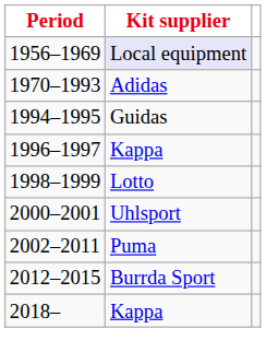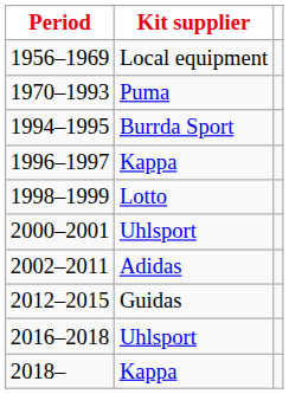 <table class="wikitable">
 <tr>
 <th style="background:#FFFFFF; color:#E70013; ">Period</th>
 <th style="background:#FFFFFF; color:#E70013; ">Kit supplier</th>
 <th style="background:#FFFFFF; color:#E70013; "></th>
 </tr>
 <tr>
 <td>1956–1969</td>
-<td style="background: lavender;">Local equipment</td>
+<td>Local equipment</td>
 <td></td>
 </tr>
 <tr>
 <td>1970–1993</td>
-<td> <a href='#'>Adidas</a></td>
+<td> <a href='#'>Puma</a></td>
 <td></td>
 </tr>
 <tr>
 <td>1994–1995</td>
-<td> Guidas</td>
+<td> <a href='#'>Burrda Sport</a></td>
 <td></td>
 </tr>
 <tr>
 <td>1996–1997</td>
 <td> <a href='#'>Kappa</a></td>
 <td></td>
 </tr>
 <tr>
 <td>1998–1999</td>
 <td> <a href='#'>Lotto</a></td>
 <td></td>
 </tr>
 <tr>
 <td>2000–2001</td>
 <td> <a href='#'>Uhlsport</a></td>
 <td></td>
 </tr>
 <tr>
 <td>2002–2011</td>
-<td> <a href='#'>Puma</a></td>
+<td> <a href='#'>Adidas</a></td>
 <td></td>
 </tr>
 <tr>
 <td>2012–2015</td>
-<td> <a href='#'>Burrda Sport</a></td>
+<td> Guidas</td>
+<td></td>
+</tr>
+<tr>
+<td>2016–2018</td>
+<td> <a href='#'>Uhlsport</a></td>
 <td></td>
 </tr>
 <tr>
 <td>2018–</td>
 <td> <a href='#'>Kappa</a></td>
 <td></td>
 </tr>
 </table>
